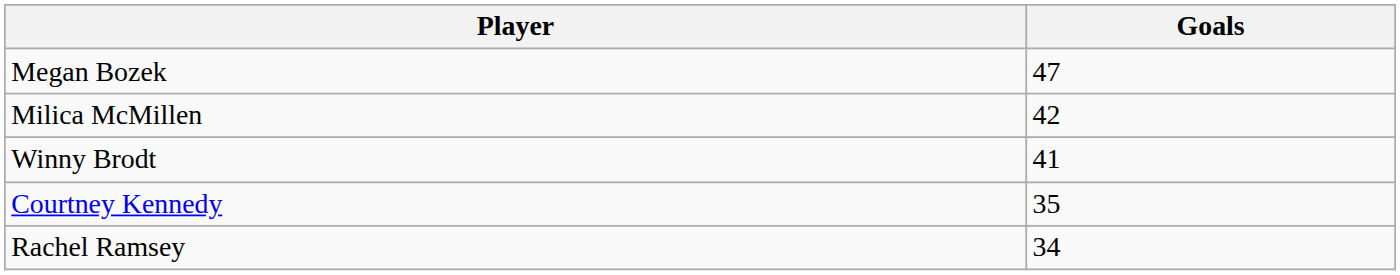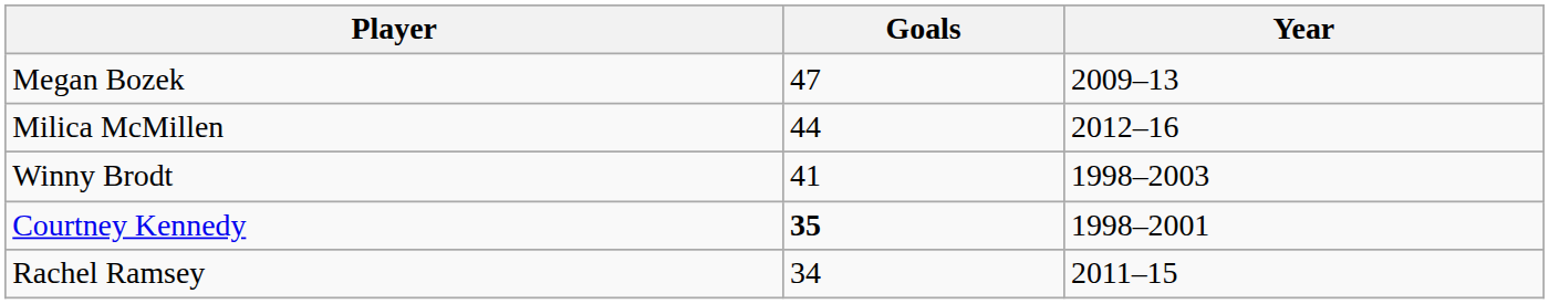 <table class="wikitable" style="width: 50em">
 <tr>
 <th>Player</th>
 <th>Goals</th>
+<th>Year</th>
 </tr>
 <tr>
 <td>Megan Bozek</td>
 <td>47</td>
+<td>2009–13</td>
 </tr>
 <tr>
 <td>Milica McMillen</td>
-<td>42</td>
+<td>44</td>
+<td>2012–16</td>
 </tr>
 <tr>
 <td>Winny Brodt</td>
 <td>41</td>
+<td>1998–2003</td>
 </tr>
 <tr>
 <td><a href='#'>Courtney Kennedy</a></td>
-<td>35</td>
+<td><strong>35</strong></td>
+<td>1998–2001</td>
 </tr>
 <tr>
 <td>Rachel Ramsey</td>
 <td>34</td>
+<td>2011–15</td>
 </tr>
 </table>
